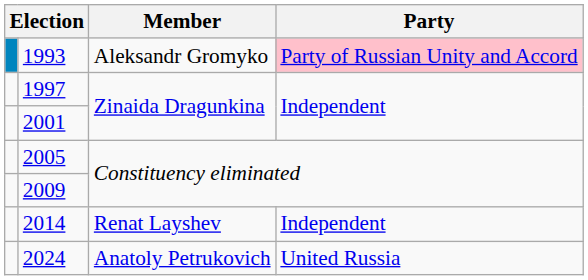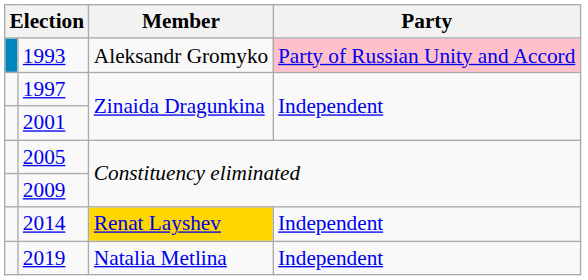 <table class="wikitable">
 <tr>
 <th colspan="2">Election</th>
 <th>Member</th>
 <th>Party</th>
 </tr>
 <tr>
 <td style="background-color:#0085BE"></td>
 <td><a href='#'>1993</a></td>
 <td>Aleksandr Gromyko</td>
 <td style="background: pink;"><a href='#'>Party of Russian Unity and Accord</a></td>
 </tr>
 <tr>
 <td style="background-color:"></td>
 <td><a href='#'>1997</a></td>
 <td rowspan=2><a href='#'>Zinaida Dragunkina</a></td>
 <td rowspan=2><a href='#'>Independent</a></td>
 </tr>
 <tr>
 <td style="background-color:"></td>
 <td><a href='#'>2001</a></td>
 </tr>
 <tr>
 <td style="background-color:"></td>
 <td><a href='#'>2005</a></td>
 <td colspan=2 rowspan=2><em>Constituency eliminated</em></td>
 </tr>
 <tr>
 <td style="background-color:"></td>
 <td><a href='#'>2009</a></td>
 </tr>
 <tr>
 <td style="background-color:"></td>
 <td><a href='#'>2014</a></td>
-<td><a href='#'>Renat Layshev</a></td>
+<td style="background: gold;"><a href='#'>Renat Layshev</a></td>
 <td><a href='#'>Independent</a></td>
 </tr>
 <tr>
 <td style="background-color:"></td>
-<td><a href='#'>2024</a></td>
-<td><a href='#'>Anatoly Petrukovich</a></td>
-<td><a href='#'>United Russia</a></td>
+<td><a href='#'>2019</a></td>
+<td><a href='#'>Natalia Metlina</a></td>
+<td><a href='#'>Independent</a></td>
 </tr>
 </table>
